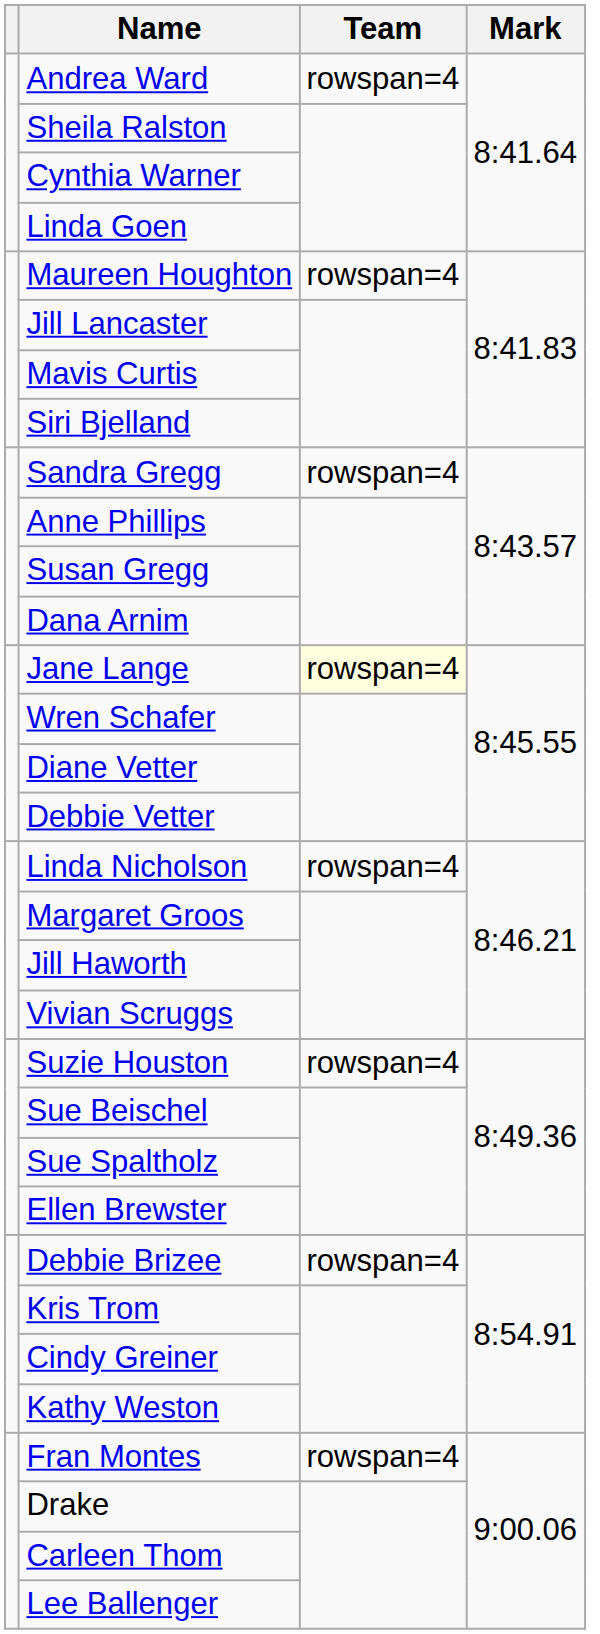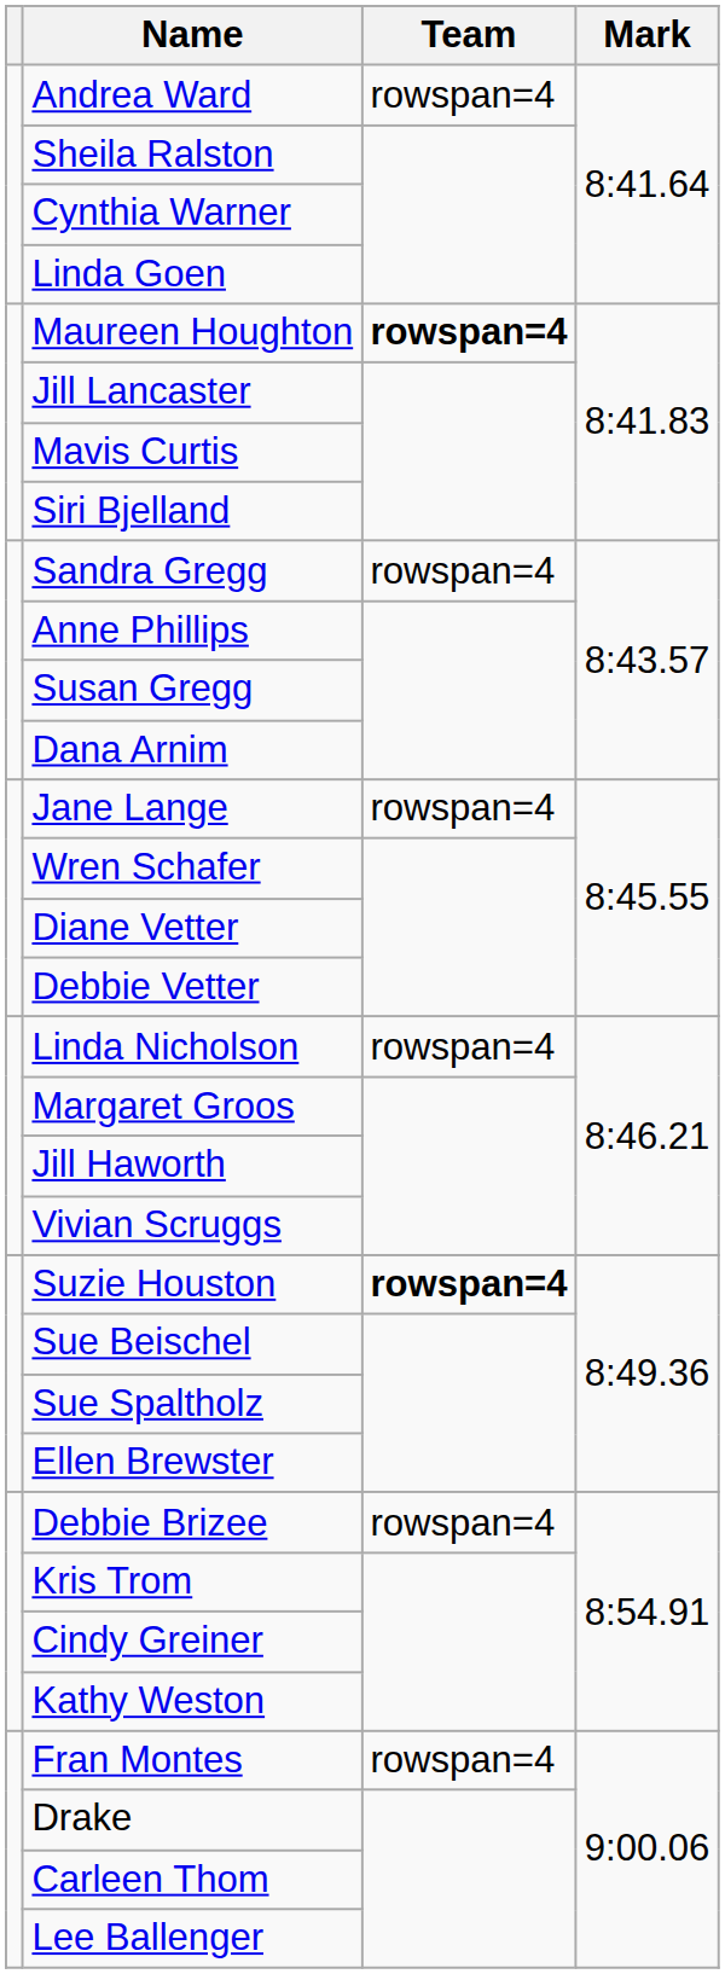 <table class=wikitable>
 <tr>
 <th></th>
 <th>Name</th>
 <th>Team</th>
 <th>Mark</th>
 </tr>
 <tr>
 <td rowspan=4></td>
 <td><a href='#'>Andrea Ward</a></td>
 <td>rowspan=4 </td>
 <td rowspan=4>8:41.64</td>
 </tr>
 <tr>
 <td><a href='#'>Sheila Ralston</a></td>
 </tr>
 <tr>
 <td><a href='#'>Cynthia Warner</a></td>
 </tr>
 <tr>
 <td><a href='#'>Linda Goen</a></td>
 </tr>
 <tr>
 <td rowspan=4></td>
 <td><a href='#'>Maureen Houghton</a></td>
-<td>rowspan=4 </td>
+<td><strong>rowspan=4 </strong></td>
 <td rowspan=4>8:41.83</td>
 </tr>
 <tr>
 <td><a href='#'>Jill Lancaster</a></td>
 </tr>
 <tr>
 <td><a href='#'>Mavis Curtis</a></td>
 </tr>
 <tr>
 <td><a href='#'>Siri Bjelland</a></td>
 </tr>
 <tr>
 <td rowspan=4></td>
 <td><a href='#'>Sandra Gregg</a></td>
 <td>rowspan=4 </td>
 <td rowspan=4>8:43.57</td>
 </tr>
 <tr>
 <td><a href='#'>Anne Phillips</a></td>
 </tr>
 <tr>
 <td><a href='#'>Susan Gregg</a></td>
 </tr>
 <tr>
 <td><a href='#'>Dana Arnim</a></td>
 </tr>
 <tr>
 <td rowspan=4></td>
 <td><a href='#'>Jane Lange</a></td>
-<td style="background: lightyellow;">rowspan=4 </td>
+<td>rowspan=4 </td>
 <td rowspan=4>8:45.55</td>
 </tr>
 <tr>
 <td><a href='#'>Wren Schafer</a></td>
 </tr>
 <tr>
 <td><a href='#'>Diane Vetter</a></td>
 </tr>
 <tr>
 <td><a href='#'>Debbie Vetter</a></td>
 </tr>
 <tr>
 <td rowspan=4></td>
 <td><a href='#'>Linda Nicholson</a></td>
 <td>rowspan=4 </td>
 <td rowspan=4>8:46.21</td>
 </tr>
 <tr>
 <td><a href='#'>Margaret Groos</a></td>
 </tr>
 <tr>
 <td><a href='#'>Jill Haworth</a></td>
 </tr>
 <tr>
 <td><a href='#'>Vivian Scruggs</a></td>
 </tr>
 <tr>
 <td rowspan=4></td>
 <td><a href='#'>Suzie Houston</a></td>
-<td>rowspan=4 </td>
+<td><strong>rowspan=4 </strong></td>
 <td rowspan=4>8:49.36</td>
 </tr>
 <tr>
 <td><a href='#'>Sue Beischel</a></td>
 </tr>
 <tr>
 <td><a href='#'>Sue Spaltholz</a></td>
 </tr>
 <tr>
 <td><a href='#'>Ellen Brewster</a></td>
 </tr>
 <tr>
 <td rowspan=4></td>
 <td><a href='#'>Debbie Brizee</a></td>
 <td>rowspan=4 </td>
 <td rowspan=4>8:54.91</td>
 </tr>
 <tr>
 <td><a href='#'>Kris Trom</a></td>
 </tr>
 <tr>
 <td><a href='#'>Cindy Greiner</a></td>
 </tr>
 <tr>
 <td><a href='#'>Kathy Weston</a></td>
 </tr>
 <tr>
 <td rowspan=4></td>
 <td><a href='#'>Fran Montes</a></td>
 <td>rowspan=4 </td>
 <td rowspan=4>9:00.06</td>
 </tr>
 <tr>
 <td>Drake</td>
 </tr>
 <tr>
 <td><a href='#'>Carleen Thom</a></td>
 </tr>
 <tr>
 <td><a href='#'>Lee Ballenger</a></td>
 </tr>
 </table>
